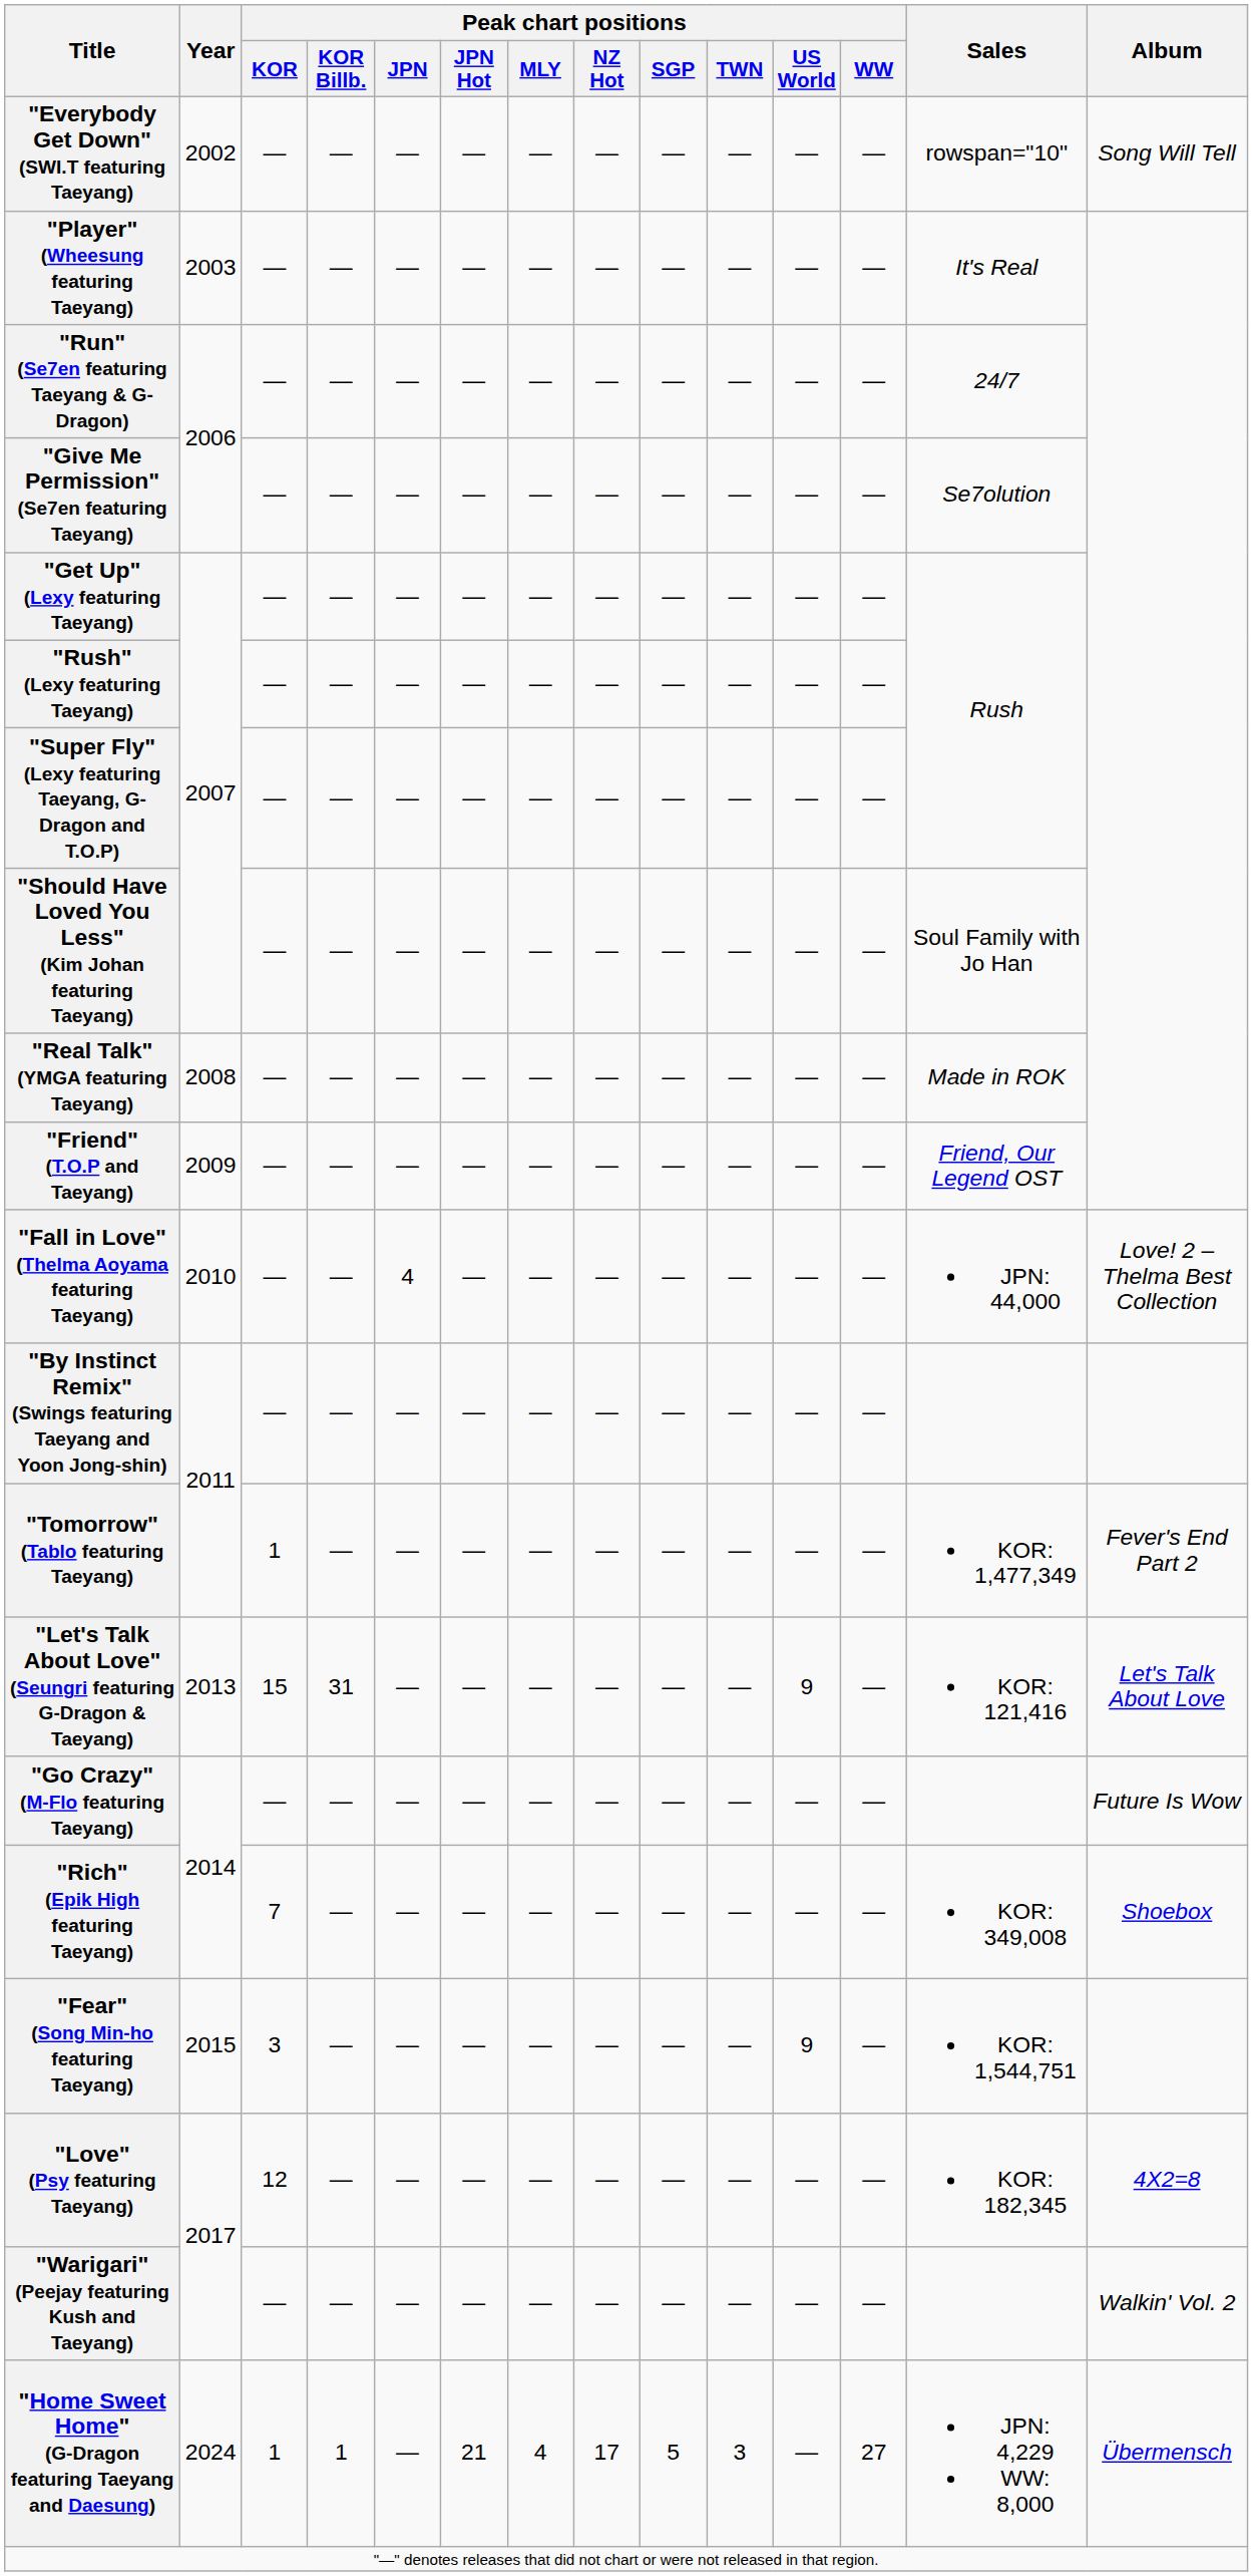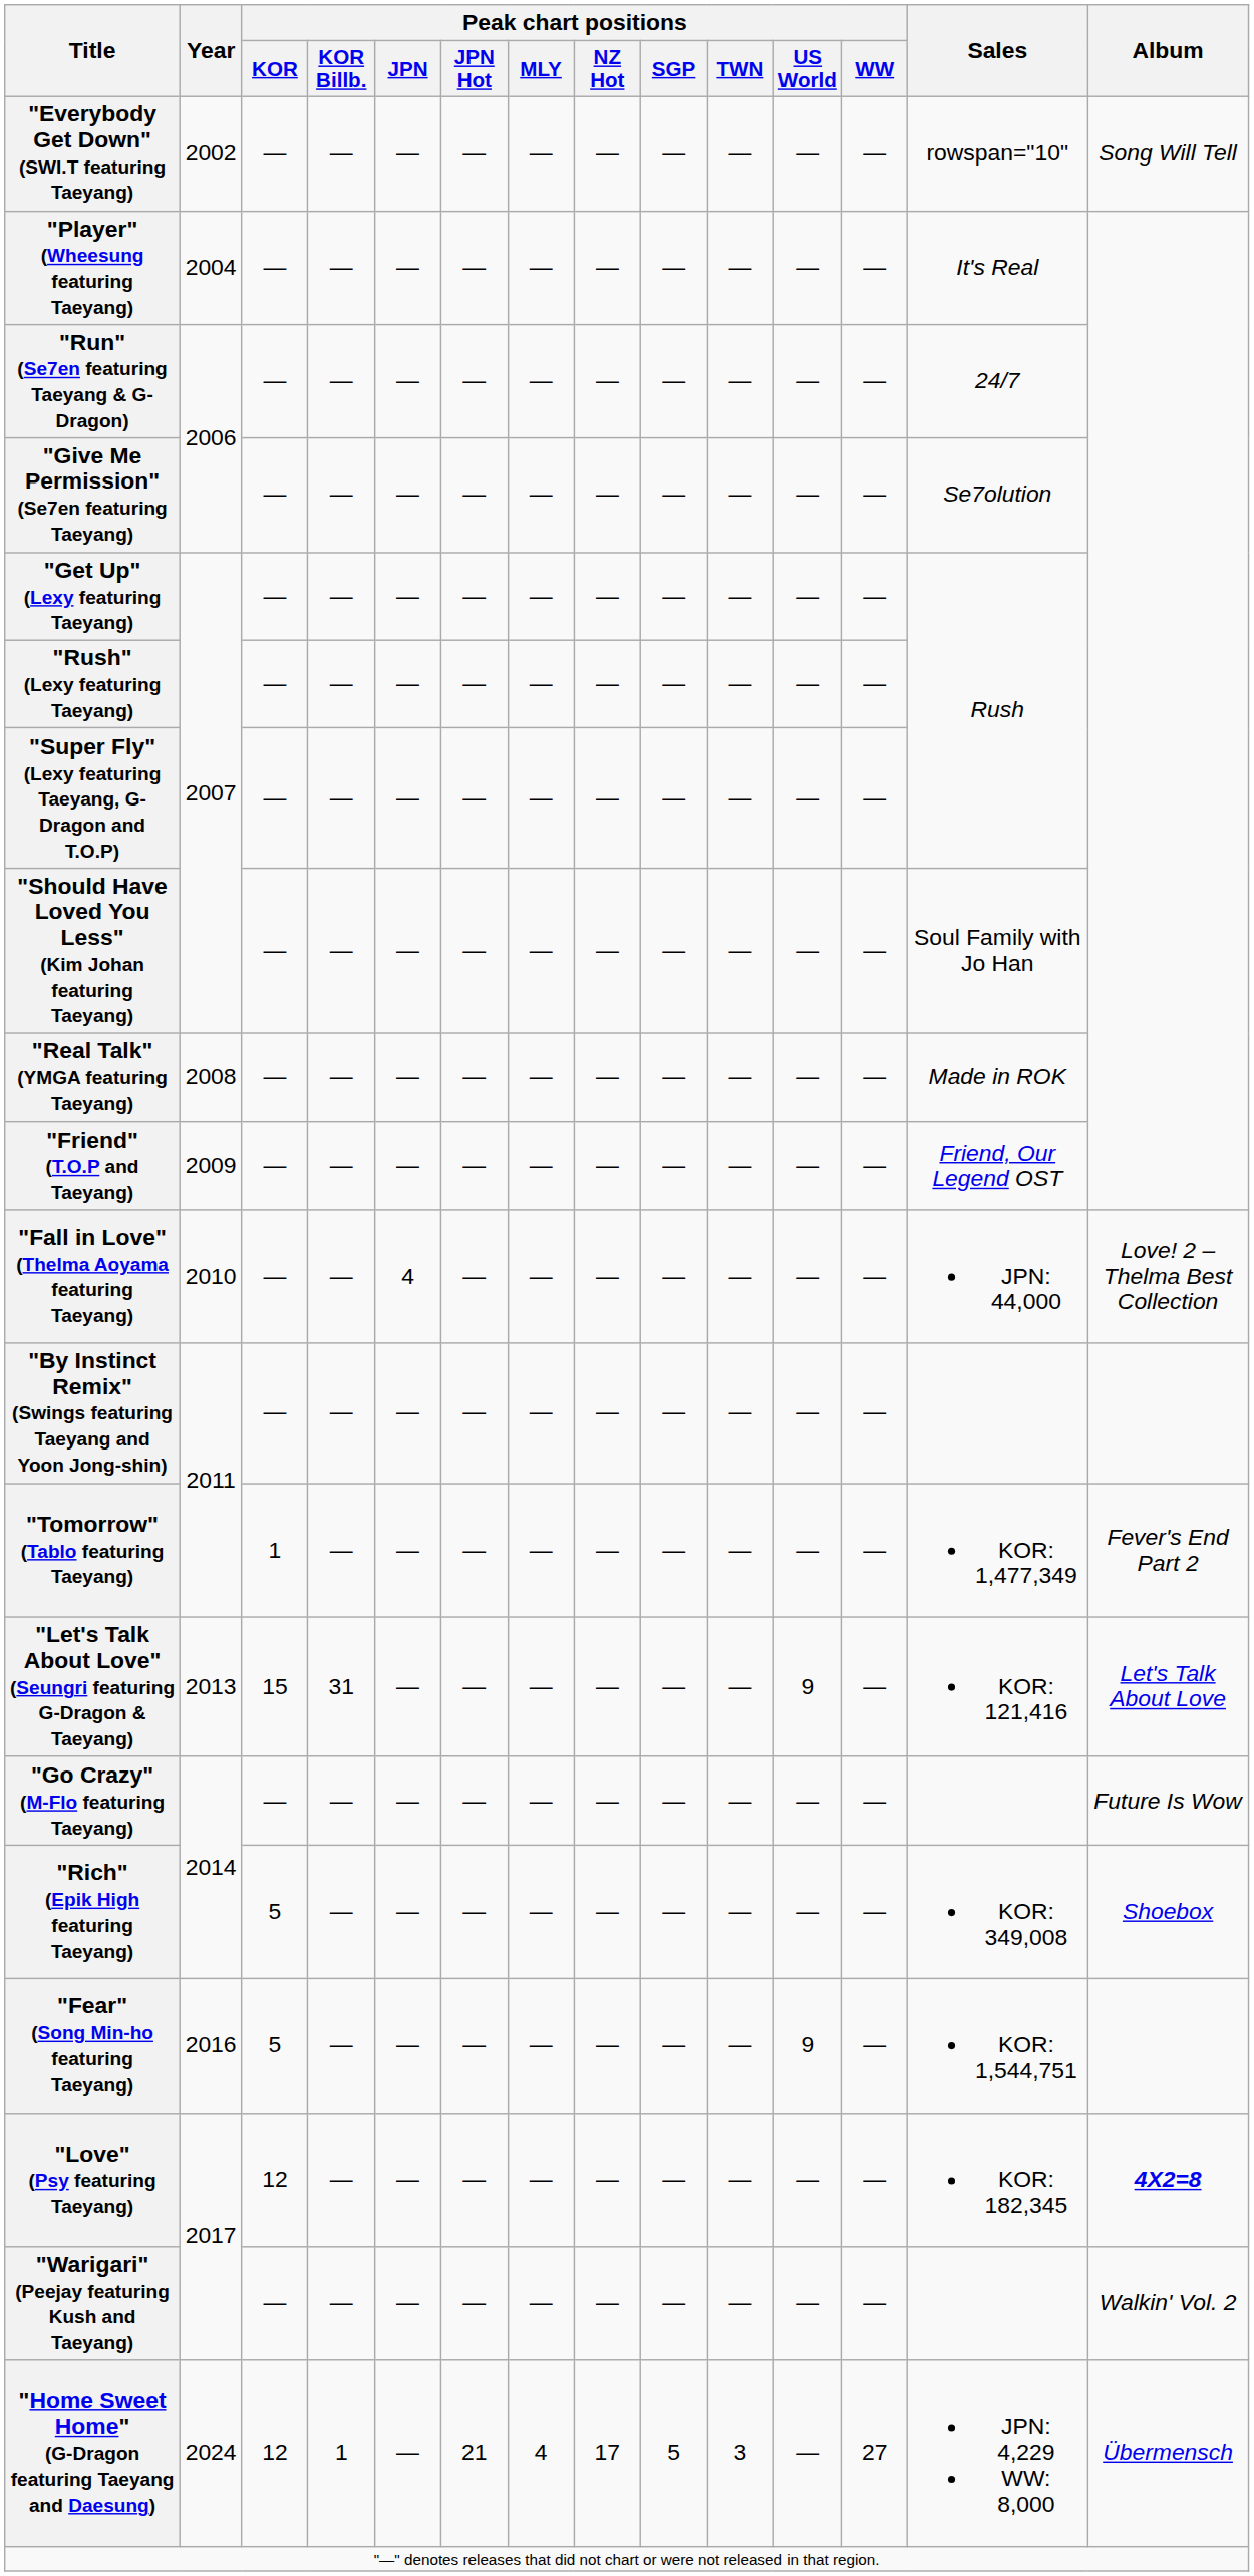 <table class="wikitable plainrowheaders" style="text-align:center;" border="1">
 <tr>
 <th rowspan="2">Title</th>
 <th rowspan="2" style="width:2em;">Year</th>
 <th colspan="10">Peak chart positions</th>
 <th rowspan="2">Sales</th>
 <th rowspan="2">Album</th>
 </tr>
 <tr>
 <th scope="col" style="width:2.75em;font-size:90%;"><a href='#'>KOR</a><br></th>
 <th scope="col" style="width:2.75em;font-size:90%;"><a href='#'>KOR Billb.</a><br></th>
 <th scope="col" style="width:2.75em;font-size:90%;"><a href='#'>JPN</a><br></th>
 <th scope="col" style="width:2.75em;font-size:90%;"><a href='#'>JPN<br>Hot</a><br></th>
 <th scope="col" style="width:2.75em;font-size:90%;"><a href='#'>MLY</a><br></th>
 <th scope="col" style="width:2.75em;font-size:90%;"><a href='#'>NZ<br>Hot</a><br></th>
 <th scope="col" style="width:2.75em;font-size:90%;"><a href='#'>SGP</a><br></th>
 <th scope="col" style="width:2.75em;font-size:90%;"><a href='#'>TWN</a><br></th>
 <th scope="col" style="width:2.75em;font-size:90%;"><a href='#'>US<br>World</a><br></th>
 <th scope="col" style="width:2.75em;font-size:90%;"><a href='#'>WW</a><br></th>
 </tr>
 <tr>
 <th scope="row">"Everybody Get Down" <br> <small>(SWI.T featuring Taeyang)</small></th>
 <td>2002</td>
 <td>—</td>
 <td>—</td>
 <td>—</td>
 <td>—</td>
 <td>—</td>
 <td>—</td>
 <td>—</td>
 <td>—</td>
 <td>—</td>
 <td>—</td>
 <td>rowspan="10" </td>
 <td><em>Song Will Tell</em></td>
 </tr>
 <tr>
 <th scope="row">"Player" <br> <small>(<a href='#'>Wheesung</a> featuring Taeyang)</small></th>
-<td>2003</td>
+<td>2004</td>
 <td>—</td>
 <td>—</td>
 <td>—</td>
 <td>—</td>
 <td>—</td>
 <td>—</td>
 <td>—</td>
 <td>—</td>
 <td>—</td>
 <td>—</td>
 <td><em>It's Real</em></td>
 </tr>
 <tr>
 <th scope="row">"Run"<br><small>(<a href='#'>Se7en</a> featuring Taeyang & G-Dragon)</small></th>
 <td rowspan="2">2006</td>
 <td>—</td>
 <td>—</td>
 <td>—</td>
 <td>—</td>
 <td>—</td>
 <td>—</td>
 <td>—</td>
 <td>—</td>
 <td>—</td>
 <td>—</td>
 <td><em>24/7</em></td>
 </tr>
 <tr>
 <th scope="row">"Give Me Permission"<br><small>(Se7en featuring Taeyang) </small></th>
 <td>—</td>
 <td>—</td>
 <td>—</td>
 <td>—</td>
 <td>—</td>
 <td>—</td>
 <td>—</td>
 <td>—</td>
 <td>—</td>
 <td>—</td>
 <td><em>Se7olution</em></td>
 </tr>
 <tr>
 <th scope="row">"Get Up"<br><small>(<a href='#'>Lexy</a> featuring Taeyang)</small></th>
 <td rowspan="4">2007</td>
 <td>—</td>
 <td>—</td>
 <td>—</td>
 <td>—</td>
 <td>—</td>
 <td>—</td>
 <td>—</td>
 <td>—</td>
 <td>—</td>
 <td>—</td>
 <td style="text-align:center;" rowspan="3"><em>Rush</em></td>
 </tr>
 <tr>
 <th scope="row">"Rush"<br><small>(Lexy featuring Taeyang)</small></th>
 <td>—</td>
 <td>—</td>
 <td>—</td>
 <td>—</td>
 <td>—</td>
 <td>—</td>
 <td>—</td>
 <td>—</td>
 <td>—</td>
 <td>—</td>
 </tr>
 <tr>
 <th scope="row">"Super Fly" <br> <small>(Lexy featuring Taeyang, G-Dragon and T.O.P)</small></th>
 <td>—</td>
 <td>—</td>
 <td>—</td>
 <td>—</td>
 <td>—</td>
 <td>—</td>
 <td>—</td>
 <td>—</td>
 <td>—</td>
 <td>—</td>
 </tr>
 <tr>
 <th scope="row">"Should Have Loved You Less" <br><small>(Kim Johan featuring Taeyang)</small><br></th>
 <td>—</td>
 <td>—</td>
 <td>—</td>
 <td>—</td>
 <td>—</td>
 <td>—</td>
 <td>—</td>
 <td>—</td>
 <td>—</td>
 <td>—</td>
 <td>Soul Family with Jo Han</td>
 </tr>
 <tr>
 <th scope="row">"Real Talk"<br><small>(YMGA featuring Taeyang)</small></th>
 <td>2008</td>
 <td>—</td>
 <td>—</td>
 <td>—</td>
 <td>—</td>
 <td>—</td>
 <td>—</td>
 <td>—</td>
 <td>—</td>
 <td>—</td>
 <td>—</td>
 <td><em>Made in ROK</em></td>
 </tr>
 <tr>
 <th scope="row">"Friend"<br><small>(<a href='#'>T.O.P</a> and Taeyang)</small></th>
 <td rowspan="1">2009</td>
 <td>—</td>
 <td>—</td>
 <td>—</td>
 <td>—</td>
 <td>—</td>
 <td>—</td>
 <td>—</td>
 <td>—</td>
 <td>—</td>
 <td>—</td>
 <td><em><a href='#'>Friend, Our Legend</a> OST</em></td>
 </tr>
 <tr>
 <th scope="row">"Fall in Love" <br> <small>(<a href='#'>Thelma Aoyama</a> featuring Taeyang)</small></th>
 <td>2010</td>
 <td>—</td>
 <td>—</td>
 <td>4</td>
 <td>—</td>
 <td>—</td>
 <td>—</td>
 <td>—</td>
 <td>—</td>
 <td>—</td>
 <td>—</td>
 <td><br><ul><li>JPN: 44,000</li></ul></td>
 <td><em>Love! 2 – Thelma Best Collection</em></td>
 </tr>
 <tr>
 <th scope="row">"By Instinct Remix" <br><small>(Swings featuring Taeyang and Yoon Jong-shin)</small><br></th>
 <td rowspan="2">2011</td>
 <td>—</td>
 <td>—</td>
 <td>—</td>
 <td>—</td>
 <td>—</td>
 <td>—</td>
 <td>—</td>
 <td>—</td>
 <td>—</td>
 <td>—</td>
 <td></td>
 <td></td>
 </tr>
 <tr>
 <th scope="row">"Tomorrow"<br><small>(<a href='#'>Tablo</a> featuring Taeyang) </small></th>
 <td>1</td>
 <td>—</td>
 <td>—</td>
 <td>—</td>
 <td>—</td>
 <td>—</td>
 <td>—</td>
 <td>—</td>
 <td>—</td>
 <td>—</td>
 <td><br><ul><li>KOR: 1,477,349</li></ul></td>
 <td><em>Fever's End Part 2</em></td>
 </tr>
 <tr>
 <th scope="row">"Let's Talk About Love" <br><small>(<a href='#'>Seungri</a> featuring G-Dragon & Taeyang)</small><br></th>
 <td>2013</td>
 <td>15</td>
 <td>31</td>
 <td>—</td>
 <td>—</td>
 <td>—</td>
 <td>—</td>
 <td>—</td>
 <td>—</td>
 <td>9</td>
 <td>—</td>
 <td><br><ul><li>KOR: 121,416</li></ul></td>
 <td><em><a href='#'>Let's Talk About Love</a></em></td>
 </tr>
 <tr>
 <th scope="row">"Go Crazy"<br><small>(<a href='#'>M-Flo</a> featuring Taeyang)</small></th>
 <td rowspan="2">2014</td>
 <td>—</td>
 <td>—</td>
 <td>—</td>
 <td>—</td>
 <td>—</td>
 <td>—</td>
 <td>—</td>
 <td>—</td>
 <td>—</td>
 <td>—</td>
 <td></td>
 <td><em>Future Is Wow</em></td>
 </tr>
 <tr>
 <th scope="row">"Rich"<br><small>(<a href='#'>Epik High</a> featuring Taeyang)</small></th>
-<td>7</td>
+<td>5</td>
 <td>—</td>
 <td>—</td>
 <td>—</td>
 <td>—</td>
 <td>—</td>
 <td>—</td>
 <td>—</td>
 <td>—</td>
 <td>—</td>
 <td><br><ul><li>KOR: 349,008</li></ul></td>
 <td><em><a href='#'>Shoebox</a></em></td>
 </tr>
 <tr>
 <th scope="row">"Fear"<br><small>(<a href='#'>Song Min-ho</a> featuring Taeyang)</small></th>
-<td>2015</td>
-<td>3</td>
+<td>2016</td>
+<td>5</td>
 <td>—</td>
 <td>—</td>
 <td>—</td>
 <td>—</td>
 <td>—</td>
 <td>—</td>
 <td>—</td>
 <td>9</td>
 <td>—</td>
 <td><br><ul><li>KOR: 1,544,751</li></ul></td>
 <td></td>
 </tr>
 <tr>
 <th scope="row">"Love"<br><small>(<a href='#'>Psy</a> featuring Taeyang)</small></th>
 <td rowspan="2">2017</td>
 <td>12</td>
 <td>—</td>
 <td>—</td>
 <td>—</td>
 <td>—</td>
 <td>—</td>
 <td>—</td>
 <td>—</td>
 <td>—</td>
 <td>—</td>
 <td><br><ul><li>KOR: 182,345</li></ul></td>
-<td><em><a href='#'>4X2=8</a></em></td>
+<td><strong><em><a href='#'>4X2=8</a></em></strong></td>
 </tr>
 <tr>
 <th scope="row">"Warigari"<br><small>(Peejay featuring Kush and Taeyang)</small></th>
 <td>—</td>
 <td>—</td>
 <td>—</td>
 <td>—</td>
 <td>—</td>
 <td>—</td>
 <td>—</td>
 <td>—</td>
 <td>—</td>
 <td>—</td>
 <td></td>
 <td><em>Walkin' Vol. 2</em></td>
 </tr>
 <tr>
 <th scope="row">"<a href='#'>Home Sweet Home</a>"<br><small>(G-Dragon featuring Taeyang and <a href='#'>Daesung</a>)</small></th>
 <td>2024</td>
-<td>1</td>
+<td>12</td>
 <td>1</td>
 <td>—</td>
 <td>21</td>
 <td>4</td>
 <td>17</td>
 <td>5</td>
 <td>3</td>
 <td>—</td>
 <td>27</td>
 <td><br><ul><li>JPN: 4,229</li><li>WW: 8,000</li></ul></td>
 <td><em><a href='#'>Übermensch</a></em></td>
 </tr>
 <tr>
 <td colspan="15" style="font-size:8pt;">"—" denotes releases that did not chart or were not released in that region.</td>
 </tr>
 </table>
